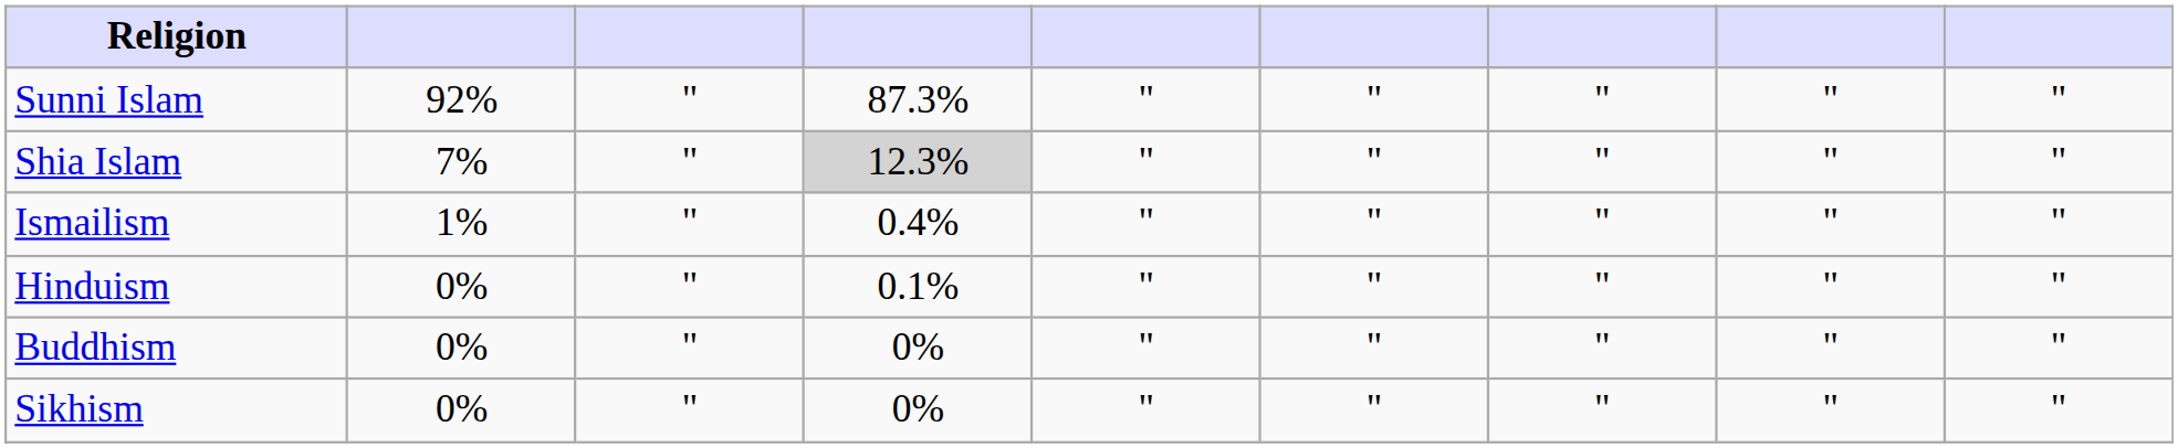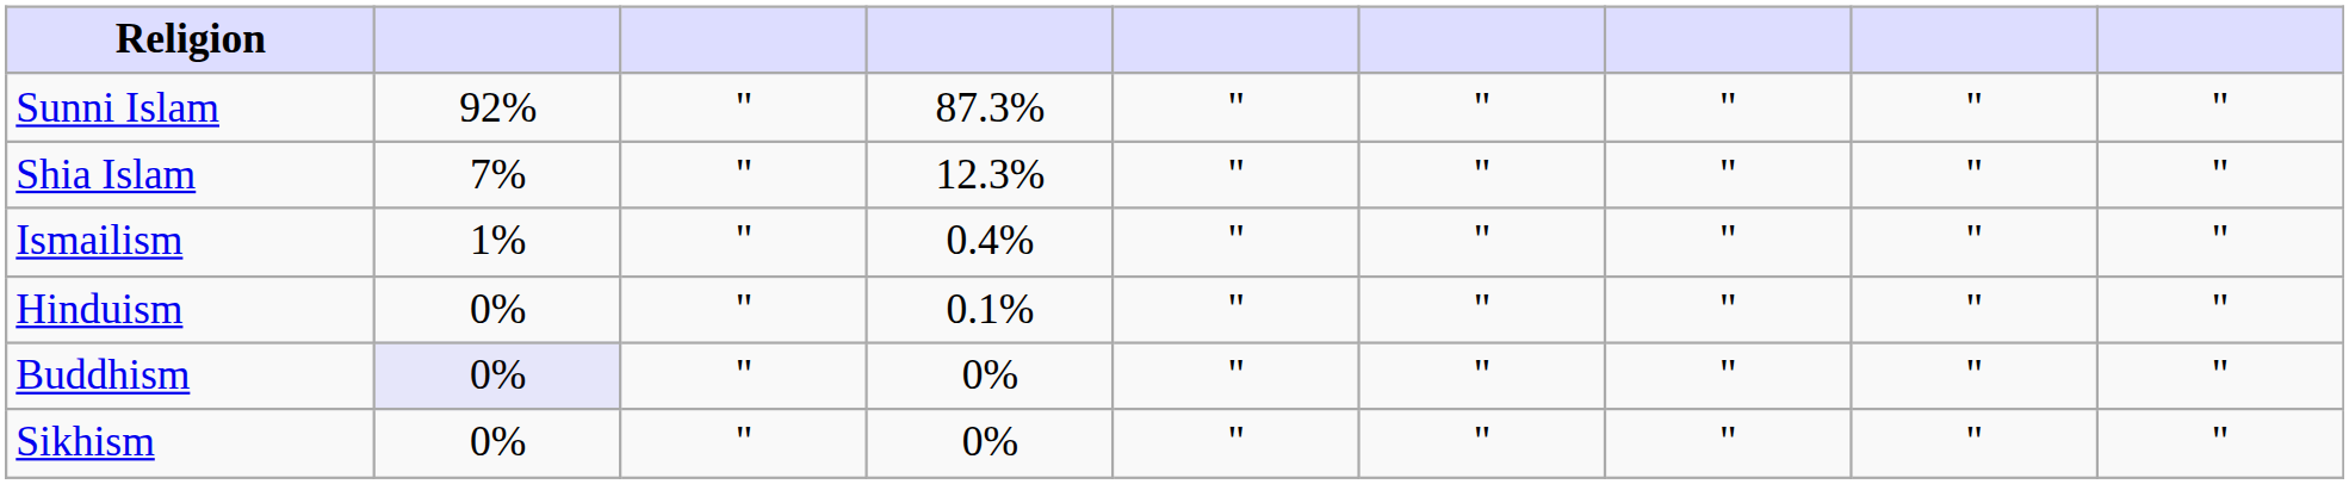 <table class="wikitable sortable" style="width:100%; float:left;">
 <tr>
 <th style="background:#ddf; width:15%;">Religion</th>
 <th style="background:#ddf; width:10%;"></th>
 <th style="background:#ddf; width:10%;"></th>
 <th style="background:#ddf; width:10%;"></th>
 <th style="background:#ddf; width:10%;"></th>
 <th style="background:#ddf; width:10%;"></th>
 <th style="background:#ddf; width:10%;"></th>
 <th style="background:#ddf; width:10%;"></th>
 <th style="background:#ddf; width:10%;"></th>
 </tr>
 <tr>
 <td><a href='#'>Sunni Islam</a></td>
 <td align=center>92%</td>
 <td align=center>"</td>
 <td align=center>87.3%</td>
 <td align=center>"</td>
 <td align=center>"</td>
 <td align=center>"</td>
 <td align=center>"</td>
 <td align=center>"</td>
 </tr>
 <tr>
 <td><a href='#'>Shia Islam</a></td>
 <td align=center>7%</td>
 <td align=center>"</td>
-<td align=center style="background: lightgrey;">12.3%</td>
+<td align=center>12.3%</td>
 <td align=center>"</td>
 <td align=center>"</td>
 <td align=center>"</td>
 <td align=center>"</td>
 <td align=center>"</td>
 </tr>
 <tr>
 <td><a href='#'>Ismailism</a></td>
 <td align=center>1%</td>
 <td align=center>"</td>
 <td align=center>0.4%</td>
 <td align=center>"</td>
 <td align=center>"</td>
 <td align=center>"</td>
 <td align=center>"</td>
 <td align=center>"</td>
 </tr>
 <tr>
 <td><a href='#'>Hinduism</a></td>
 <td align=center>0%</td>
 <td align=center>"</td>
 <td align=center>0.1%</td>
 <td align=center>"</td>
 <td align=center>"</td>
 <td align=center>"</td>
 <td align=center>"</td>
 <td align=center>"</td>
 </tr>
 <tr>
 <td><a href='#'>Buddhism</a></td>
-<td align=center>0%</td>
+<td align=center style="background: lavender;">0%</td>
 <td align=center>"</td>
 <td align=center>0%</td>
 <td align=center>"</td>
 <td align=center>"</td>
 <td align=center>"</td>
 <td align=center>"</td>
 <td align=center>"</td>
 </tr>
 <tr>
 <td><a href='#'>Sikhism</a></td>
 <td align=center>0%</td>
 <td align=center>"</td>
 <td align=center>0%</td>
 <td align=center>"</td>
 <td align=center>"</td>
 <td align=center>"</td>
 <td align=center>"</td>
 <td align=center>"</td>
 </tr>
 </table>
